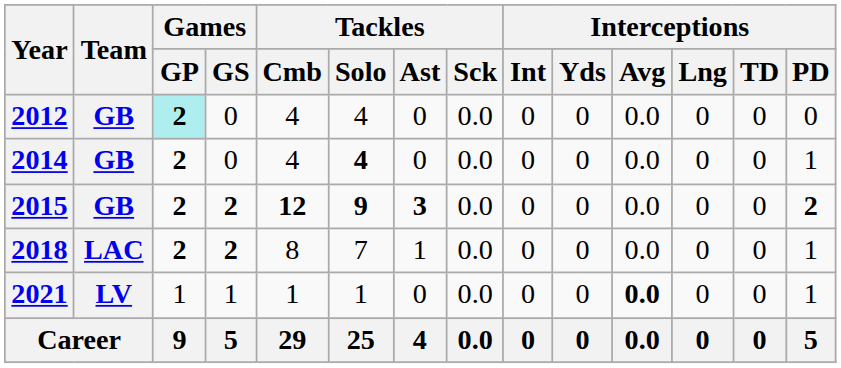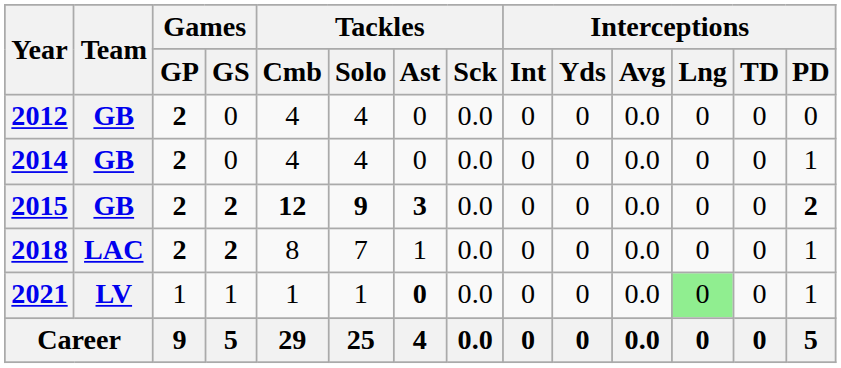 <table class="wikitable" style="text-align:center;">
 <tr>
 <th rowspan="2">Year</th>
 <th rowspan="2">Team</th>
 <th colspan="2">Games</th>
 <th colspan="4">Tackles</th>
 <th colspan="6">Interceptions</th>
 </tr>
 <tr>
 <th>GP</th>
 <th>GS</th>
 <th>Cmb</th>
 <th>Solo</th>
 <th>Ast</th>
 <th>Sck</th>
 <th>Int</th>
 <th>Yds</th>
 <th>Avg</th>
 <th>Lng</th>
 <th>TD</th>
 <th>PD</th>
 </tr>
 <tr>
 <th><a href='#'>2012</a></th>
 <th><a href='#'>GB</a></th>
-<td style="background: paleturquoise;"><strong>2</strong></td>
+<td><strong>2</strong></td>
 <td>0</td>
 <td>4</td>
 <td>4</td>
 <td>0</td>
 <td>0.0</td>
 <td>0</td>
 <td>0</td>
 <td>0.0</td>
 <td>0</td>
 <td>0</td>
 <td>0</td>
 </tr>
 <tr>
 <th><a href='#'>2014</a></th>
 <th><a href='#'>GB</a></th>
 <td><strong>2</strong></td>
 <td>0</td>
 <td>4</td>
-<td><strong>4</strong></td>
+<td>4</td>
 <td>0</td>
 <td>0.0</td>
 <td>0</td>
 <td>0</td>
 <td>0.0</td>
 <td>0</td>
 <td>0</td>
 <td>1</td>
 </tr>
 <tr>
 <th><a href='#'>2015</a></th>
 <th><a href='#'>GB</a></th>
 <td><strong>2</strong></td>
 <td><strong>2</strong></td>
 <td><strong>12</strong></td>
 <td><strong>9</strong></td>
 <td><strong>3</strong></td>
 <td>0.0</td>
 <td>0</td>
 <td>0</td>
 <td>0.0</td>
 <td>0</td>
 <td>0</td>
 <td><strong>2</strong></td>
 </tr>
 <tr>
 <th><a href='#'>2018</a></th>
 <th><a href='#'>LAC</a></th>
 <td><strong>2</strong></td>
 <td><strong>2</strong></td>
 <td>8</td>
 <td>7</td>
 <td>1</td>
 <td>0.0</td>
 <td>0</td>
 <td>0</td>
 <td>0.0</td>
 <td>0</td>
 <td>0</td>
 <td>1</td>
 </tr>
 <tr>
 <th><a href='#'>2021</a></th>
 <th><a href='#'>LV</a></th>
 <td>1</td>
 <td>1</td>
 <td>1</td>
 <td>1</td>
-<td>0</td>
+<td><strong>0</strong></td>
 <td>0.0</td>
 <td>0</td>
 <td>0</td>
-<td><strong>0.0</strong></td>
-<td>0</td>
+<td>0.0</td>
+<td style="background: lightgreen;">0</td>
 <td>0</td>
 <td>1</td>
 </tr>
 <tr>
 <th colspan="2">Career</th>
 <th>9</th>
 <th>5</th>
 <th>29</th>
 <th>25</th>
 <th>4</th>
 <th>0.0</th>
 <th>0</th>
 <th>0</th>
 <th>0.0</th>
 <th>0</th>
 <th>0</th>
 <th>5</th>
 </tr>
 </table>
